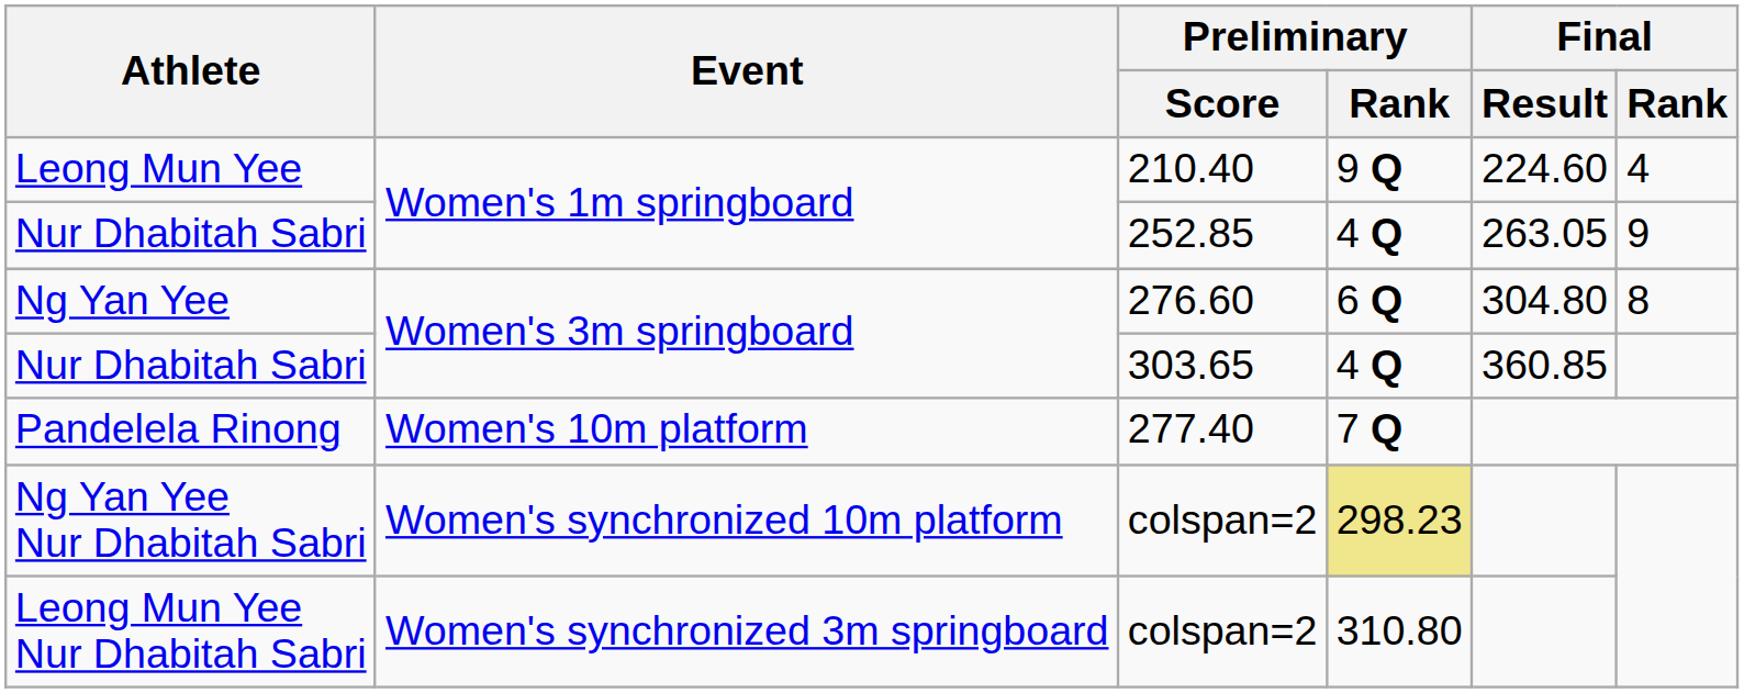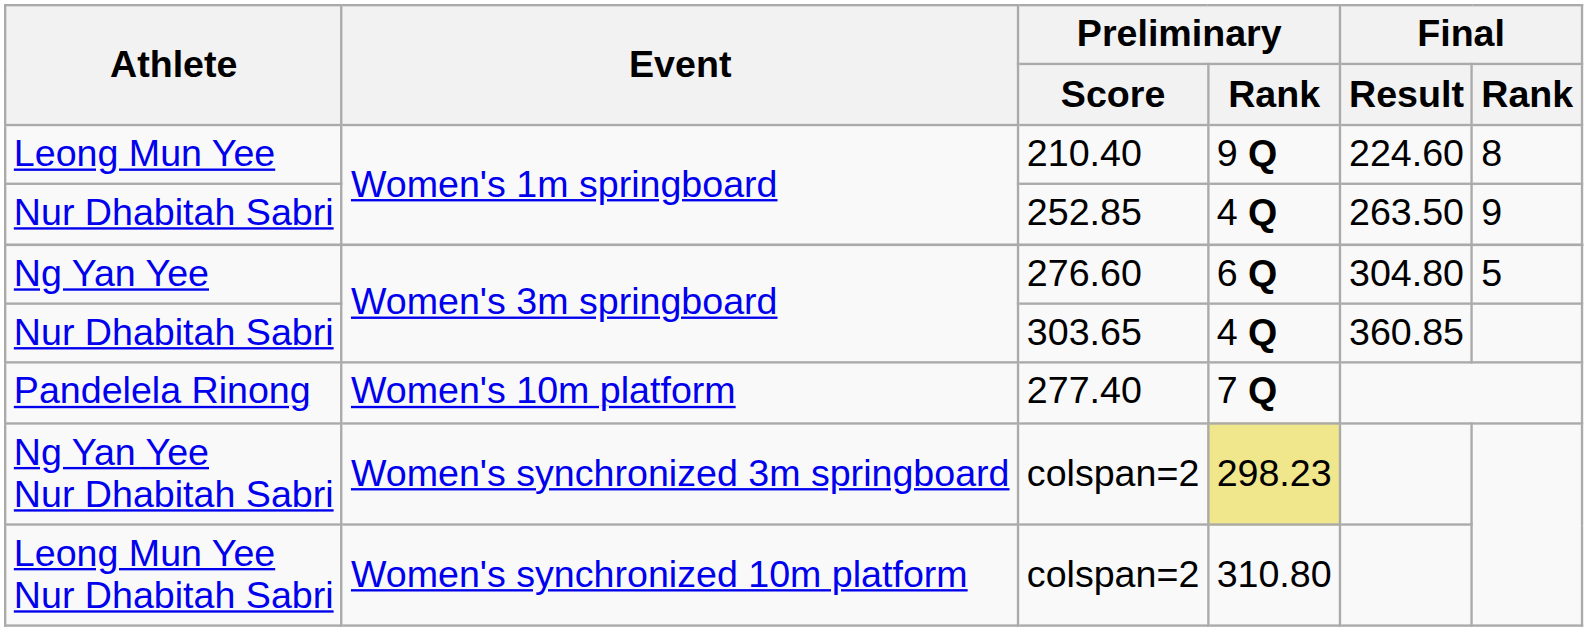 <table class="wikitable">
 <tr>
 <th rowspan="2">Athlete</th>
 <th rowspan="2">Event</th>
 <th colspan="2">Preliminary</th>
 <th colspan="2">Final</th>
 </tr>
 <tr>
 <th>Score</th>
 <th>Rank</th>
 <th>Result</th>
 <th>Rank</th>
 </tr>
 <tr>
 <td><a href='#'>Leong Mun Yee</a></td>
 <td rowspan="2"><a href='#'>Women's 1m springboard</a></td>
 <td>210.40</td>
 <td>9 <strong>Q</strong></td>
 <td>224.60</td>
-<td>4</td>
+<td>8</td>
 </tr>
 <tr>
 <td><a href='#'>Nur Dhabitah Sabri</a></td>
 <td>252.85</td>
 <td>4 <strong>Q</strong></td>
-<td>263.05</td>
+<td>263.50</td>
 <td>9</td>
 </tr>
 <tr>
 </tr>
 <tr>
 <td><a href='#'>Ng Yan Yee</a></td>
 <td rowspan="2"><a href='#'>Women's 3m springboard</a></td>
 <td>276.60</td>
 <td>6 <strong>Q</strong></td>
 <td>304.80</td>
-<td>8</td>
+<td>5</td>
 </tr>
 <tr>
 <td><a href='#'>Nur Dhabitah Sabri</a></td>
 <td>303.65</td>
 <td>4 <strong>Q</strong></td>
 <td>360.85</td>
 <td></td>
 </tr>
 <tr>
 <td><a href='#'>Pandelela Rinong</a></td>
 <td><a href='#'>Women's 10m platform</a></td>
 <td>277.40</td>
 <td>7 <strong>Q</strong></td>
 <td colspan="2"><strong></strong></td>
 </tr>
 <tr>
 <td><a href='#'>Ng Yan Yee</a><br><a href='#'>Nur Dhabitah Sabri</a></td>
-<td><a href='#'>Women's synchronized 10m platform</a></td>
+<td><a href='#'>Women's synchronized 3m springboard</a></td>
 <td>colspan=2 </td>
 <td style="background: khaki;">298.23</td>
 <td></td>
 </tr>
 <tr>
 <td><a href='#'>Leong Mun Yee</a><br><a href='#'>Nur Dhabitah Sabri</a></td>
-<td><a href='#'>Women's synchronized 3m springboard</a></td>
+<td><a href='#'>Women's synchronized 10m platform</a></td>
 <td>colspan=2 </td>
 <td>310.80</td>
 <td></td>
 </tr>
 </table>
